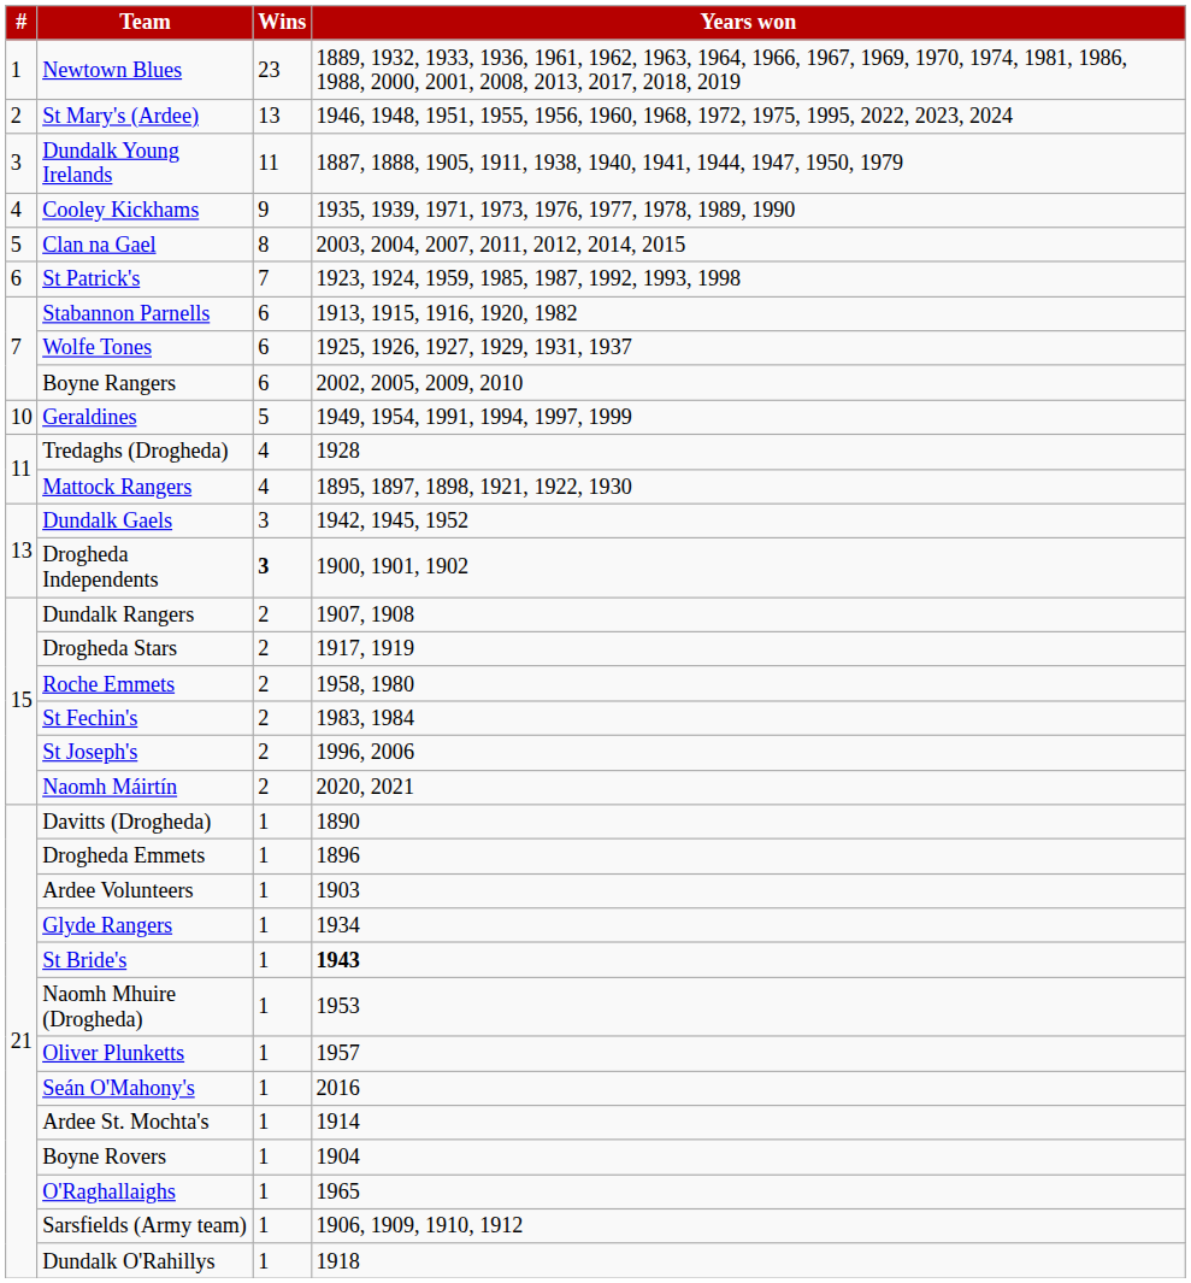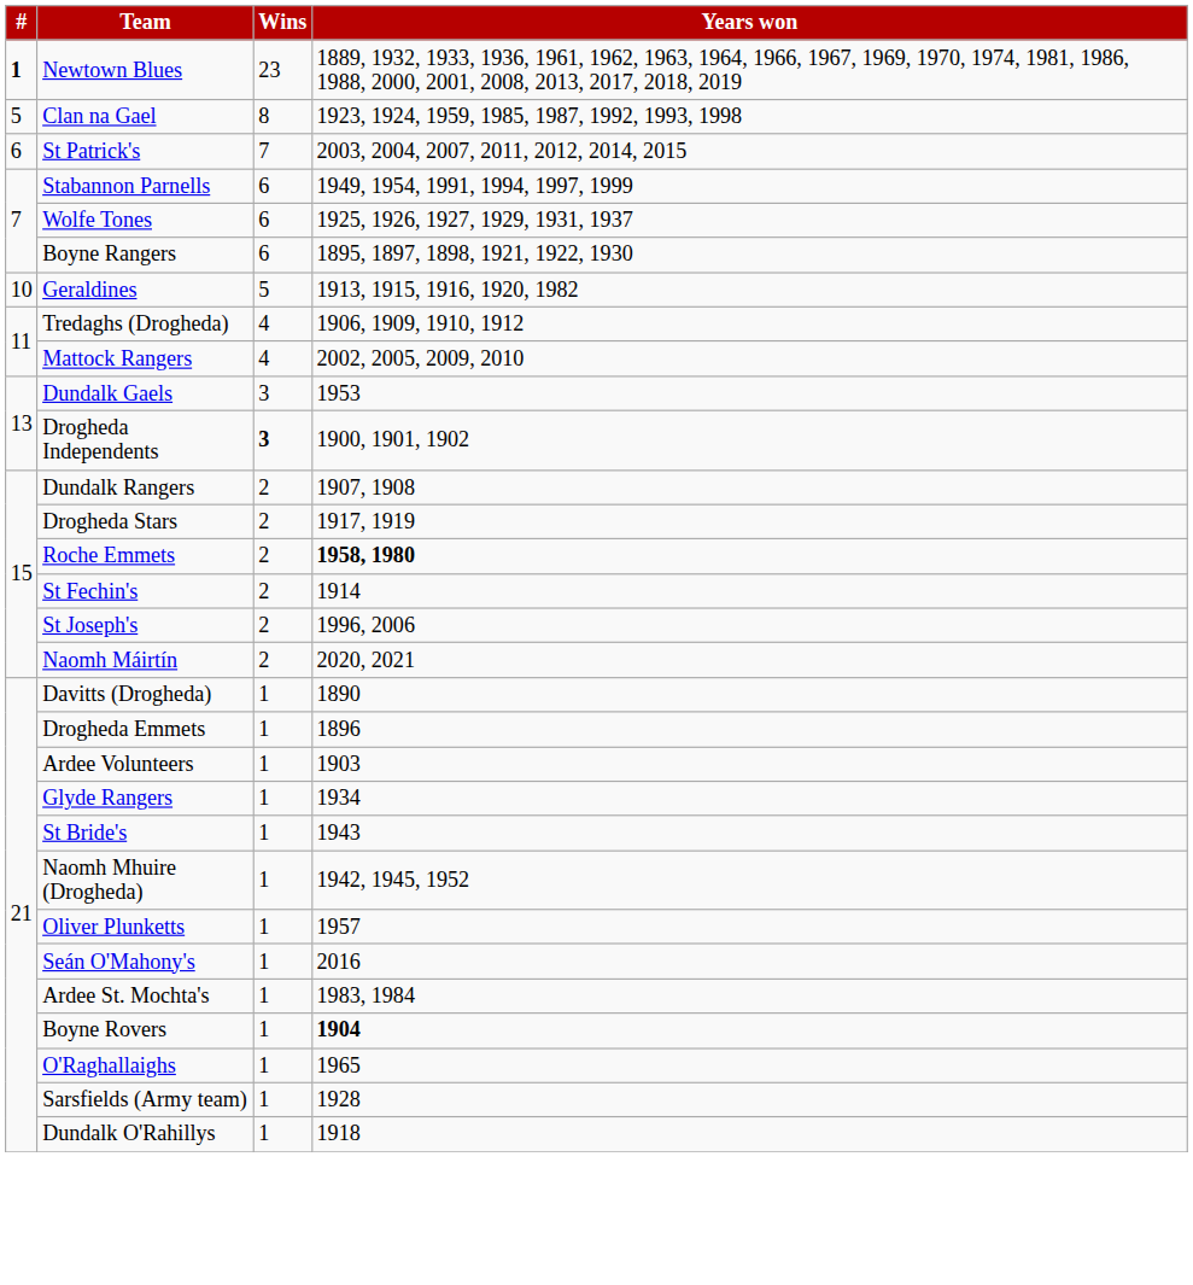 <table class="wikitable">
 <tr>
 <th style="background:#B60000;color:white">#</th>
 <th style="background:#B60000;color:white">Team</th>
 <th style="background:#B60000;color:white">Wins</th>
 <th style="background:#B60000;color:white">Years won</th>
 </tr>
 <tr>
-<td>1</td>
+<td><strong>1</strong></td>
 <td><a href='#'>Newtown Blues</a></td>
 <td>23</td>
 <td>1889, 1932, 1933, 1936, 1961, 1962, 1963, 1964, 1966, 1967, 1969, 1970, 1974, 1981, 1986, 1988, 2000, 2001, 2008, 2013, 2017, 2018, 2019</td>
 </tr>
 <tr>
-<td>2</td>
-<td><a href='#'>St Mary's (Ardee)</a></td>
-<td>13</td>
-<td>1946, 1948, 1951, 1955, 1956, 1960, 1968, 1972, 1975, 1995, 2022, 2023, 2024</td>
-</tr>
-<tr>
-<td>3</td>
-<td><a href='#'>Dundalk Young Irelands</a></td>
-<td>11</td>
-<td>1887, 1888, 1905, 1911, 1938, 1940, 1941, 1944, 1947, 1950, 1979</td>
-</tr>
-<tr>
-<td>4</td>
-<td><a href='#'>Cooley Kickhams</a></td>
-<td>9</td>
-<td>1935, 1939, 1971, 1973, 1976, 1977, 1978, 1989, 1990</td>
-</tr>
-<tr>
 <td>5</td>
 <td><a href='#'>Clan na Gael</a></td>
 <td>8</td>
-<td>2003, 2004, 2007, 2011, 2012, 2014, 2015</td>
+<td>1923, 1924, 1959, 1985, 1987, 1992, 1993, 1998</td>
 </tr>
 <tr>
 <td>6</td>
 <td><a href='#'>St Patrick's</a></td>
 <td>7</td>
-<td>1923, 1924, 1959, 1985, 1987, 1992, 1993, 1998</td>
+<td>2003, 2004, 2007, 2011, 2012, 2014, 2015</td>
 </tr>
 <tr>
 <td 7 rowspan=3>7</td>
 <td><a href='#'>Stabannon Parnells</a></td>
 <td>6</td>
-<td>1913, 1915, 1916, 1920, 1982</td>
+<td>1949, 1954, 1991, 1994, 1997, 1999</td>
 </tr>
 <tr>
 <td><a href='#'>Wolfe Tones</a></td>
 <td>6</td>
 <td>1925, 1926, 1927, 1929, 1931, 1937</td>
 </tr>
 <tr>
 <td>Boyne Rangers</td>
 <td>6</td>
-<td>2002, 2005, 2009, 2010</td>
+<td>1895, 1897, 1898, 1921, 1922, 1930</td>
 </tr>
 <tr>
 <td>10</td>
 <td><a href='#'>Geraldines</a></td>
 <td>5</td>
-<td>1949, 1954, 1991, 1994, 1997, 1999</td>
+<td>1913, 1915, 1916, 1920, 1982</td>
 </tr>
 <tr>
 <td rowspan=2>11</td>
 <td>Tredaghs (Drogheda)</td>
 <td>4</td>
-<td>1928</td>
+<td>1906, 1909, 1910, 1912</td>
 </tr>
 <tr>
 <td><a href='#'>Mattock Rangers</a></td>
 <td>4</td>
-<td>1895, 1897, 1898, 1921, 1922, 1930</td>
+<td>2002, 2005, 2009, 2010</td>
 </tr>
 <tr>
 <td rowspan=2>13</td>
 <td><a href='#'>Dundalk Gaels</a></td>
 <td>3</td>
-<td>1942, 1945, 1952</td>
+<td>1953</td>
 </tr>
 <tr>
 <td>Drogheda Independents</td>
 <td><strong>3</strong></td>
 <td>1900, 1901, 1902</td>
 </tr>
 <tr>
 <td rowspan=6>15</td>
 <td>Dundalk Rangers</td>
 <td>2</td>
 <td>1907, 1908</td>
 </tr>
 <tr>
 <td>Drogheda Stars</td>
 <td>2</td>
 <td>1917, 1919</td>
 </tr>
 <tr>
 <td><a href='#'>Roche Emmets</a></td>
 <td>2</td>
-<td>1958, 1980</td>
+<td><strong>1958, 1980</strong></td>
 </tr>
 <tr>
 <td><a href='#'>St Fechin's</a></td>
 <td>2</td>
-<td>1983, 1984</td>
+<td>1914</td>
 </tr>
 <tr>
 <td><a href='#'>St Joseph's</a></td>
 <td>2</td>
 <td>1996, 2006</td>
 </tr>
 <tr>
 <td><a href='#'>Naomh Máirtín</a></td>
 <td>2</td>
 <td>2020, 2021</td>
 </tr>
 <tr>
 <td rowspan=15>21</td>
 <td>Davitts (Drogheda)</td>
 <td>1</td>
 <td>1890</td>
 </tr>
 <tr>
 <td>Drogheda Emmets</td>
 <td>1</td>
 <td>1896</td>
 </tr>
 <tr>
 <td>Ardee Volunteers</td>
 <td>1</td>
 <td>1903</td>
 </tr>
 <tr>
 <td><a href='#'>Glyde Rangers</a></td>
 <td>1</td>
 <td>1934</td>
 </tr>
 <tr>
 <td><a href='#'>St Bride's</a></td>
 <td>1</td>
-<td><strong>1943</strong></td>
+<td>1943</td>
 </tr>
 <tr>
 <td>Naomh Mhuire (Drogheda)</td>
 <td>1</td>
-<td>1953</td>
+<td>1942, 1945, 1952</td>
 </tr>
 <tr>
 <td><a href='#'>Oliver Plunketts</a></td>
 <td>1</td>
 <td>1957</td>
 </tr>
 <tr>
 <td><a href='#'>Seán O'Mahony's</a></td>
 <td>1</td>
 <td>2016</td>
 </tr>
 <tr>
 <td>Ardee St. Mochta's</td>
 <td>1</td>
-<td>1914</td>
+<td>1983, 1984</td>
 </tr>
 <tr>
 <td>Boyne Rovers</td>
 <td>1</td>
-<td>1904</td>
+<td><strong>1904</strong></td>
 </tr>
 <tr>
 <td><a href='#'>O'Raghallaighs</a></td>
 <td>1</td>
 <td>1965</td>
 </tr>
 <tr>
 <td>Sarsfields (Army team)</td>
 <td>1</td>
-<td>1906, 1909, 1910, 1912</td>
+<td>1928</td>
 </tr>
 <tr>
 <td>Dundalk O'Rahillys</td>
 <td>1</td>
 <td>1918</td>
 </tr>
 </table>
